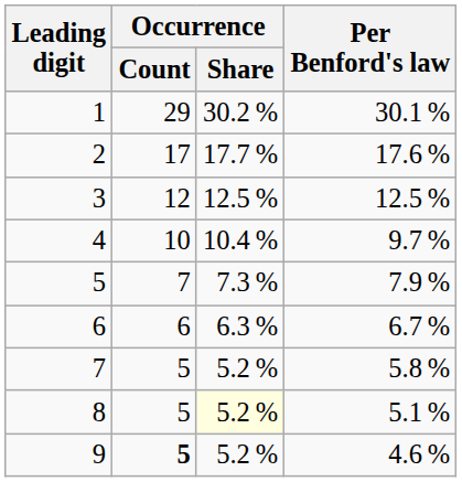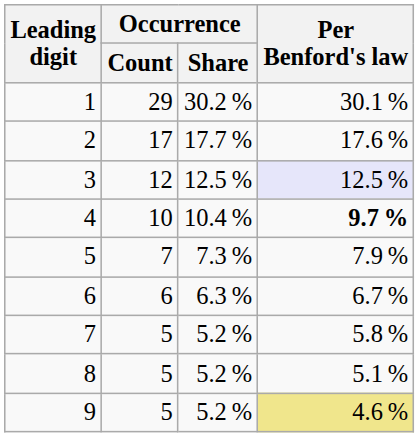 <table class="wikitable" style="text-align:right">
 <tr>
 <th rowspan="2">Leading<br> digit</th>
 <th colspan=2>Occurrence</th>
 <th rowspan="2">Per<br> Benford's law</th>
 </tr>
 <tr>
 <th>Count</th>
 <th>Share</th>
 </tr>
 <tr>
 <td>1</td>
 <td>29</td>
 <td>30.2 %</td>
 <td>30.1 %</td>
 </tr>
 <tr>
 <td>2</td>
 <td>17</td>
 <td>17.7 %</td>
 <td>17.6 %</td>
 </tr>
 <tr>
 <td>3</td>
 <td>12</td>
 <td>12.5 %</td>
-<td>12.5 %</td>
+<td style="background: lavender;">12.5 %</td>
 </tr>
 <tr>
 <td>4</td>
 <td>10</td>
 <td>10.4 %</td>
-<td>9.7 %</td>
+<td><strong>9.7 %</strong></td>
 </tr>
 <tr>
 <td>5</td>
 <td>7</td>
 <td>7.3 %</td>
 <td>7.9 %</td>
 </tr>
 <tr>
 <td>6</td>
 <td>6</td>
 <td>6.3 %</td>
 <td>6.7 %</td>
 </tr>
 <tr>
 <td>7</td>
 <td>5</td>
 <td>5.2 %</td>
 <td>5.8 %</td>
 </tr>
 <tr>
 <td>8</td>
 <td>5</td>
-<td style="background: lightyellow;">5.2 %</td>
+<td>5.2 %</td>
 <td>5.1 %</td>
 </tr>
 <tr>
 <td>9</td>
-<td><strong>5</strong></td>
+<td>5</td>
 <td>5.2 %</td>
-<td>4.6 %</td>
+<td style="background: khaki;">4.6 %</td>
 </tr>
 </table>
